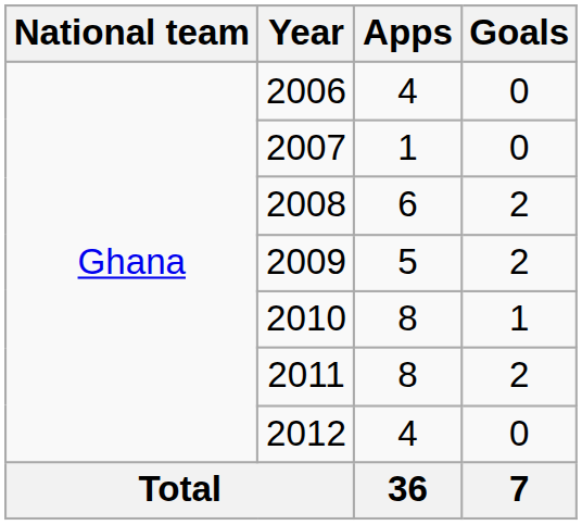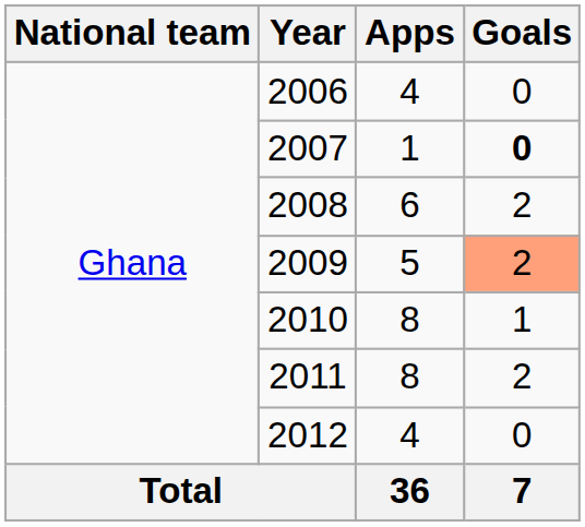 <table class="wikitable" style="text-align:center">
 <tr>
 <th>National team</th>
 <th>Year</th>
 <th>Apps</th>
 <th>Goals</th>
 </tr>
 <tr>
 <td rowspan="7"><a href='#'>Ghana</a></td>
 <td>2006</td>
 <td>4</td>
 <td>0</td>
 </tr>
 <tr>
 <td>2007</td>
 <td>1</td>
-<td>0</td>
+<td><strong>0</strong></td>
 </tr>
 <tr>
 <td>2008</td>
 <td>6</td>
 <td>2</td>
 </tr>
 <tr>
 <td>2009</td>
 <td>5</td>
-<td>2</td>
+<td style="background: lightsalmon;">2</td>
 </tr>
 <tr>
 <td>2010</td>
 <td>8</td>
 <td>1</td>
 </tr>
 <tr>
 <td>2011</td>
 <td>8</td>
 <td>2</td>
 </tr>
 <tr>
 <td>2012</td>
 <td>4</td>
 <td>0</td>
 </tr>
 <tr>
 <th colspan="2">Total</th>
 <th>36</th>
 <th>7</th>
 </tr>
 </table>
